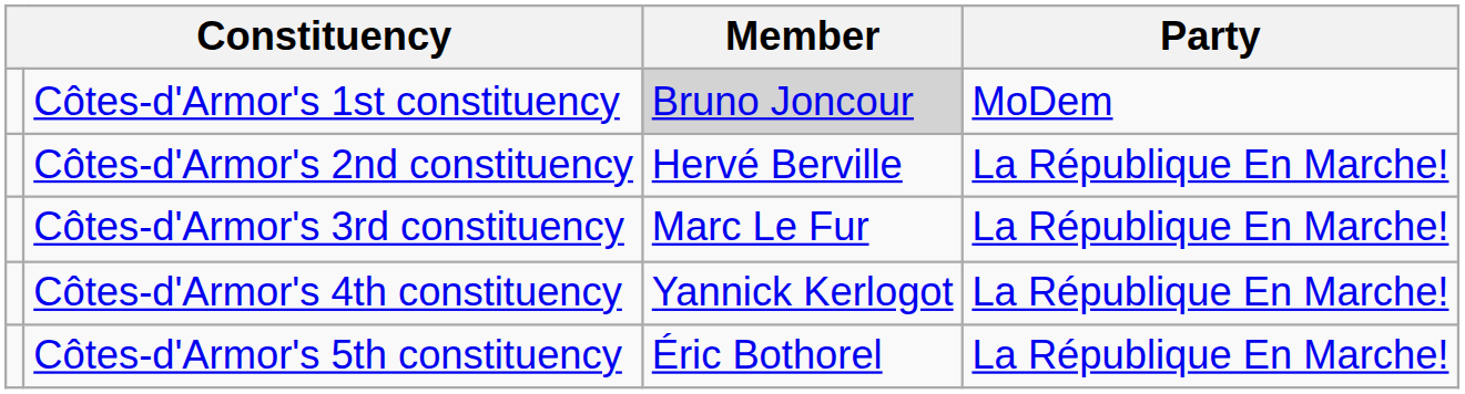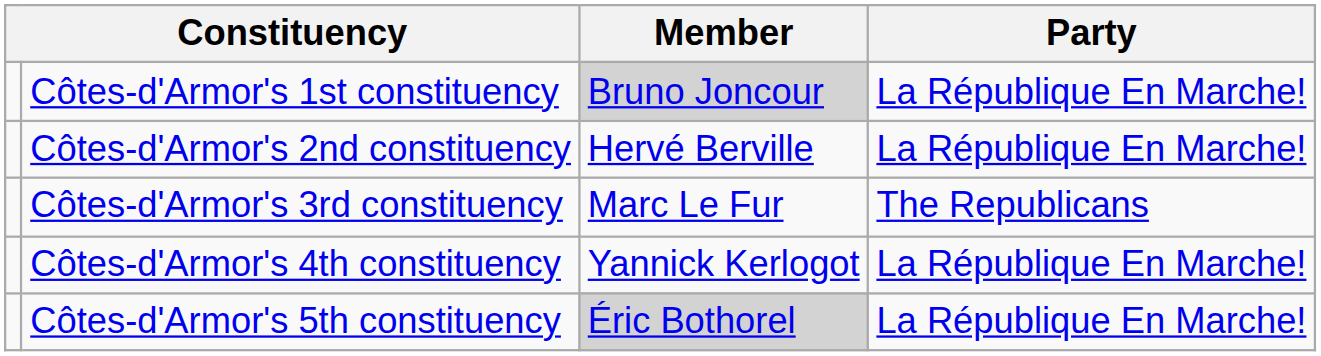 <table class="wikitable">
 <tr>
 <th colspan="2">Constituency</th>
 <th>Member</th>
 <th>Party</th>
 </tr>
 <tr>
 <td style="background-color: "></td>
 <td><a href='#'>Côtes-d'Armor's 1st constituency</a></td>
 <td style="background: lightgrey;"><a href='#'>Bruno Joncour</a></td>
-<td><a href='#'>MoDem</a></td>
+<td><a href='#'>La République En Marche!</a></td>
 </tr>
 <tr>
 <td style="background-color: "></td>
 <td><a href='#'>Côtes-d'Armor's 2nd constituency</a></td>
 <td><a href='#'>Hervé Berville</a></td>
 <td><a href='#'>La République En Marche!</a></td>
 </tr>
 <tr>
 <td style="background-color: "></td>
 <td><a href='#'>Côtes-d'Armor's 3rd constituency</a></td>
 <td><a href='#'>Marc Le Fur</a></td>
-<td><a href='#'>La République En Marche!</a></td>
+<td><a href='#'>The Republicans</a></td>
 </tr>
 <tr>
 <td style="background-color: "></td>
 <td><a href='#'>Côtes-d'Armor's 4th constituency</a></td>
 <td><a href='#'>Yannick Kerlogot</a></td>
 <td><a href='#'>La République En Marche!</a></td>
 </tr>
 <tr>
 <td style="background-color: "></td>
 <td><a href='#'>Côtes-d'Armor's 5th constituency</a></td>
-<td><a href='#'>Éric Bothorel</a></td>
+<td style="background: lightgrey;"><a href='#'>Éric Bothorel</a></td>
 <td><a href='#'>La République En Marche!</a></td>
 </tr>
 </table>
